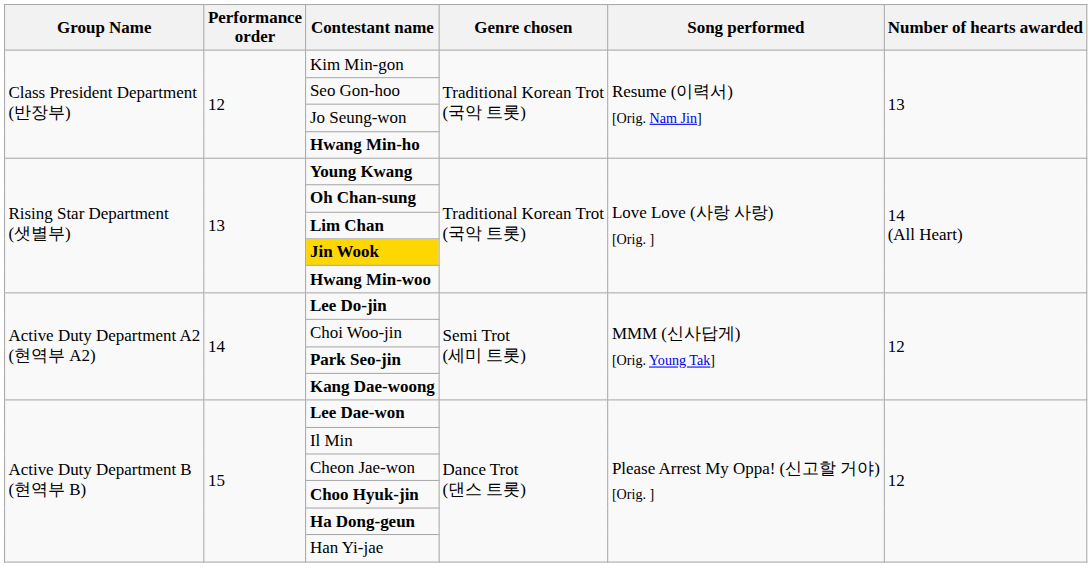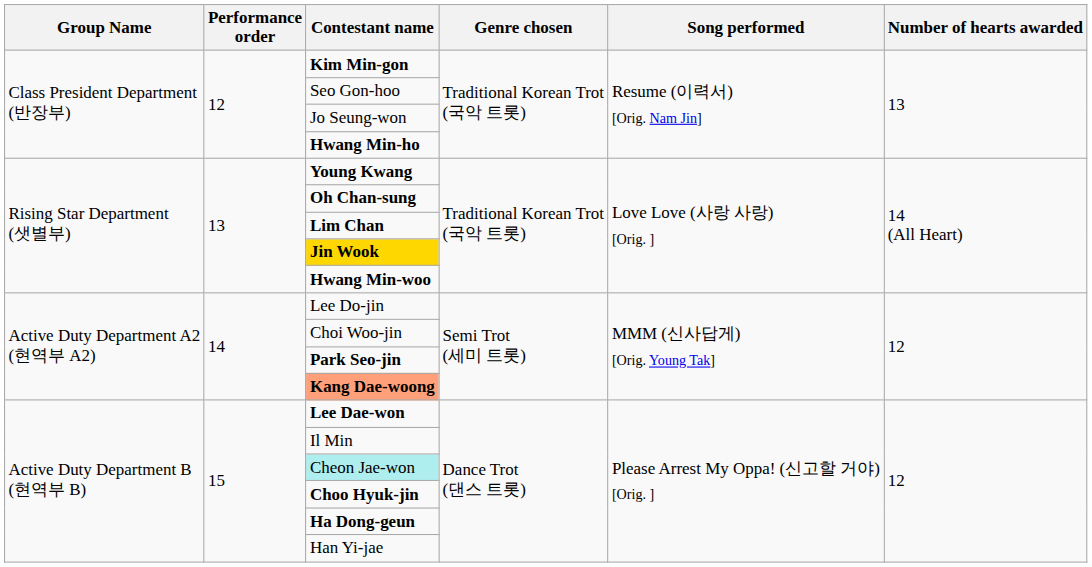 <table class="wikitable">
 <tr>
 <th>Group Name</th>
 <th>Performance<br>order</th>
 <th>Contestant name</th>
 <th>Genre chosen</th>
 <th>Song performed</th>
 <th>Number of hearts awarded</th>
 </tr>
 <tr>
 <td rowspan=4>Class President Department<br>(반장부)</td>
 <td rowspan=4>12</td>
-<td>Kim Min-gon</td>
+<td><strong>Kim Min-gon</strong></td>
 <td rowspan=4>Traditional Korean Trot<br>(국악 트롯)</td>
 <td rowspan=4>Resume (이력서)<br><sub>[Orig. <a href='#'>Nam Jin</a>]</sub></td>
 <td rowspan=4>13</td>
 </tr>
 <tr>
 <td>Seo Gon-hoo</td>
 </tr>
 <tr>
 <td>Jo Seung-won</td>
 </tr>
 <tr>
 <td><strong>Hwang Min-ho</strong></td>
 </tr>
 <tr>
 <td rowspan=5>Rising Star Department<br>(샛별부)</td>
 <td rowspan=5>13</td>
 <td><strong>Young Kwang</strong></td>
 <td rowspan=5>Traditional Korean Trot<br>(국악 트롯)</td>
 <td rowspan=5>Love Love (사랑 사랑)<br><sub>[Orig. ]</sub></td>
 <td rowspan=5>14<br>(All Heart)</td>
 </tr>
 <tr>
 <td><strong>Oh Chan-sung</strong></td>
 </tr>
 <tr>
 <td><strong>Lim Chan</strong></td>
 </tr>
 <tr>
 <td style="background: gold; color: black;"><strong>Jin Wook</strong></td>
 </tr>
 <tr>
 <td><strong>Hwang Min-woo</strong></td>
 </tr>
 <tr>
 <td rowspan=4>Active Duty Department A2<br>(현역부 A2)</td>
 <td rowspan=4>14</td>
-<td><strong>Lee Do-jin</strong></td>
+<td>Lee Do-jin</td>
 <td rowspan=4>Semi Trot<br>(세미 트롯)</td>
 <td rowspan=4>MMM (신사답게)<br><sub>[Orig. <a href='#'>Young Tak</a>]</sub></td>
 <td rowspan=4>12</td>
 </tr>
 <tr>
 <td>Choi Woo-jin</td>
 </tr>
 <tr>
 <td><strong>Park Seo-jin</strong></td>
 </tr>
 <tr>
-<td><strong>Kang Dae-woong</strong></td>
+<td style="background: lightsalmon;"><strong>Kang Dae-woong</strong></td>
 </tr>
 <tr>
 <td rowspan=6>Active Duty Department B<br>(현역부 B)</td>
 <td rowspan=6>15</td>
 <td><strong>Lee Dae-won</strong></td>
 <td rowspan=6>Dance Trot<br>(댄스 트롯)</td>
 <td rowspan=6>Please Arrest My Oppa! (신고할 거야)<br><sub>[Orig. ]</sub></td>
 <td rowspan=6>12</td>
 </tr>
 <tr>
 <td>Il Min</td>
 </tr>
 <tr>
-<td>Cheon Jae-won</td>
+<td style="background: paleturquoise;">Cheon Jae-won</td>
 </tr>
 <tr>
 <td><strong>Choo Hyuk-jin</strong></td>
 </tr>
 <tr>
 <td><strong>Ha Dong-geun</strong></td>
 </tr>
 <tr>
 <td>Han Yi-jae</td>
 </tr>
 </table>
